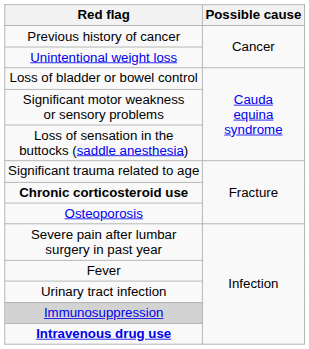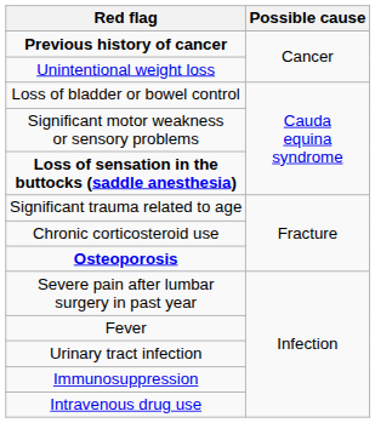 <table class="wikitable" style="float: right; margin-left:15px; text-align:center">
 <tr>
 <th>Red flag</th>
 <th>Possible cause</th>
 </tr>
 <tr>
-<td>Previous history of cancer</td>
+<td><strong>Previous history of cancer</strong></td>
 <td rowspan="2">Cancer</td>
 </tr>
 <tr>
 <td><a href='#'>Unintentional weight loss</a></td>
 </tr>
 <tr>
 <td>Loss of bladder or bowel control</td>
 <td rowspan="3"><a href='#'>Cauda<br>equina<br>syndrome</a></td>
 </tr>
 <tr>
 <td>Significant motor weakness<br>or sensory problems</td>
 </tr>
 <tr>
-<td>Loss of sensation in the<br>buttocks (<a href='#'>saddle anesthesia</a>)</td>
+<td><strong>Loss of sensation in the<br>buttocks (<a href='#'>saddle anesthesia</a>)</strong></td>
 </tr>
 <tr>
 <td>Significant trauma related to age</td>
 <td rowspan="3">Fracture</td>
 </tr>
 <tr>
-<td><strong>Chronic corticosteroid use</strong></td>
+<td>Chronic corticosteroid use</td>
 </tr>
 <tr>
-<td><a href='#'>Osteoporosis</a></td>
+<td><strong><a href='#'>Osteoporosis</a></strong></td>
 </tr>
 <tr>
 <td>Severe pain after lumbar<br>surgery in past year</td>
 <td rowspan="5">Infection</td>
 </tr>
 <tr>
 <td>Fever</td>
 </tr>
 <tr>
 <td>Urinary tract infection</td>
 </tr>
 <tr>
-<td style="background: lightgrey;"><a href='#'>Immunosuppression</a></td>
+<td><a href='#'>Immunosuppression</a></td>
 </tr>
 <tr>
-<td><strong><a href='#'>Intravenous drug use</a></strong></td>
+<td><a href='#'>Intravenous drug use</a></td>
 </tr>
 </table>
